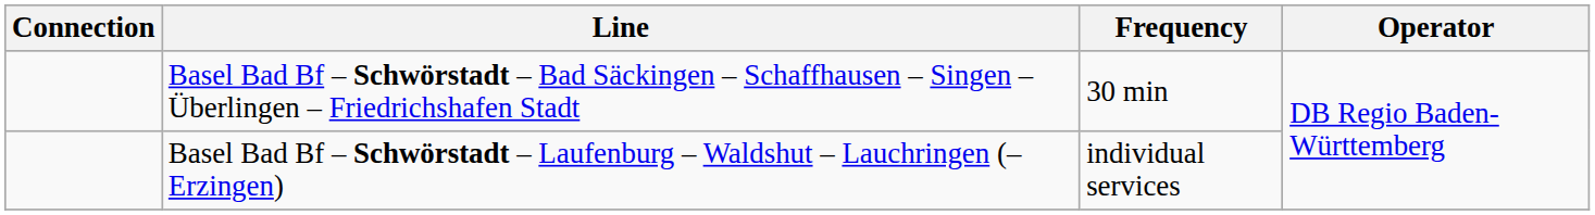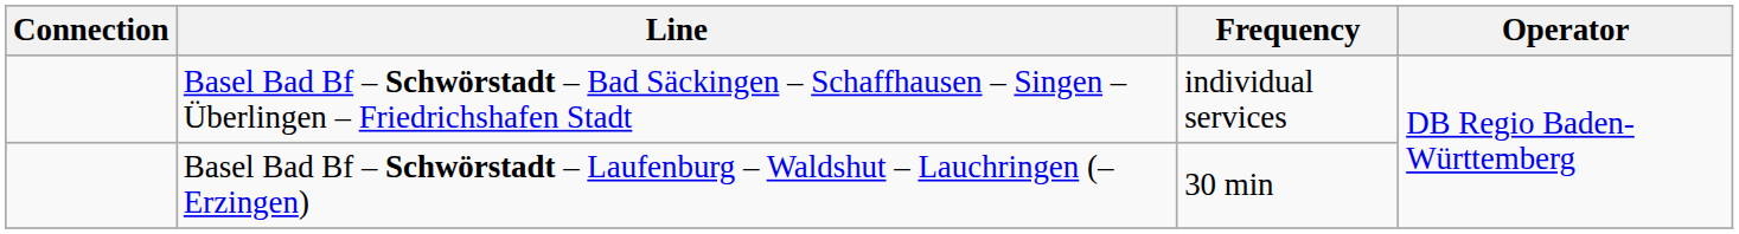 <table class="wikitable">
 <tr>
 <th>Connection</th>
 <th>Line</th>
 <th>Frequency</th>
 <th>Operator</th>
 </tr>
 <tr>
 <td align="center"></td>
 <td><a href='#'>Basel Bad Bf</a> – <strong>Schwörstadt</strong> – <a href='#'>Bad Säckingen</a> – <a href='#'>Schaffhausen</a> – <a href='#'>Singen</a> – Überlingen – <a href='#'>Friedrichshafen Stadt</a></td>
-<td>30 min</td>
+<td>individual services</td>
 <td rowspan="2"><a href='#'>DB Regio Baden-Württemberg</a></td>
 </tr>
 <tr>
 <td align="center"></td>
 <td>Basel Bad Bf – <strong>Schwörstadt</strong> – <a href='#'>Laufenburg</a> – <a href='#'>Waldshut</a> – <a href='#'>Lauchringen</a> (– <a href='#'>Erzingen</a>)</td>
-<td>individual services</td>
+<td>30 min</td>
 </tr>
 </table>
